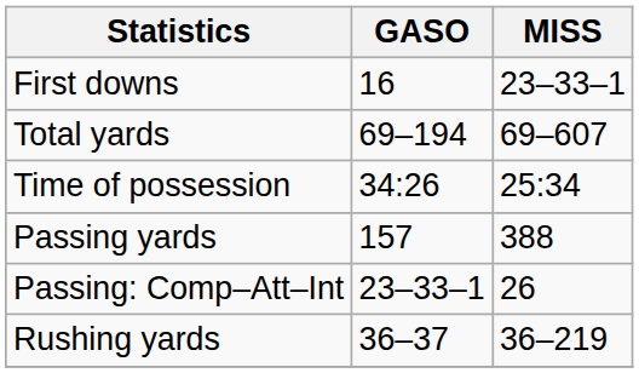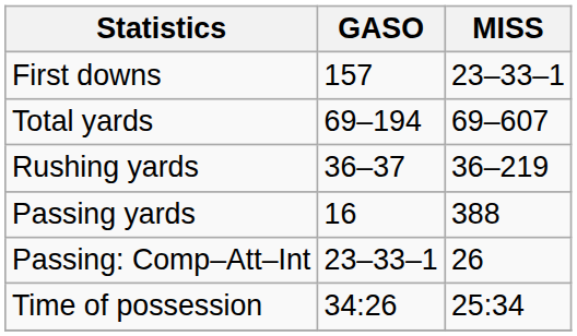 <table class="wikitable" style="float: left;">
 <tr>
 <th>Statistics</th>
 <th>GASO</th>
 <th>MISS</th>
 </tr>
 <tr>
 <td>First downs</td>
-<td>16</td>
+<td>157</td>
 <td>23–33–1</td>
 </tr>
 <tr>
 <td>Total yards</td>
 <td>69–194</td>
 <td>69–607</td>
 </tr>
 <tr>
-<td>Time of possession</td>
-<td>34:26</td>
-<td>25:34</td>
+<td>Rushing yards</td>
+<td>36–37</td>
+<td>36–219</td>
 </tr>
 <tr>
 <td>Passing yards</td>
-<td>157</td>
+<td>16</td>
 <td>388</td>
 </tr>
 <tr>
 <td>Passing: Comp–Att–Int</td>
 <td>23–33–1</td>
 <td>26</td>
 </tr>
 <tr>
-<td>Rushing yards</td>
-<td>36–37</td>
-<td>36–219</td>
+<td>Time of possession</td>
+<td>34:26</td>
+<td>25:34</td>
 </tr>
 <tr>
 </tr>
 </table>
